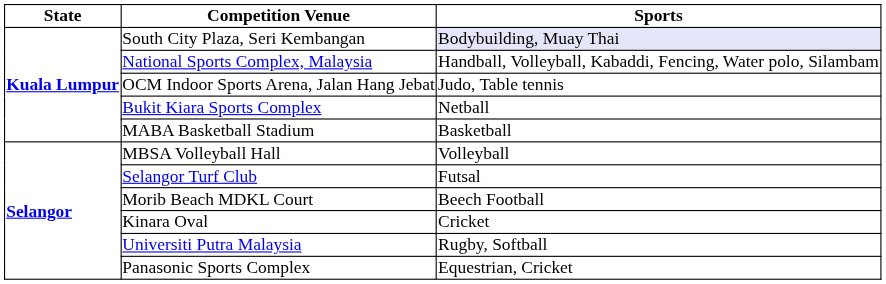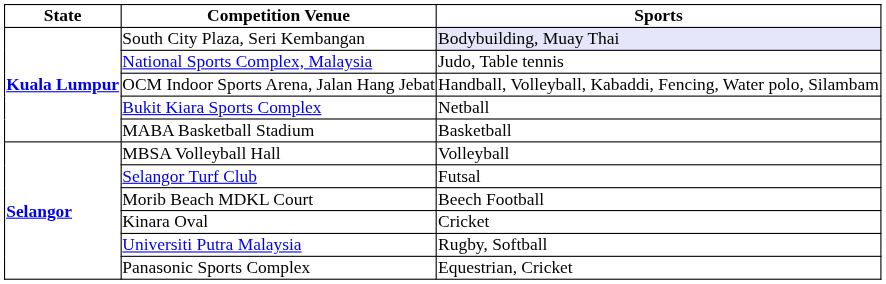 <table border=1 style="border-collapse:collapse; text-align:left; font-size:100%; border:2px black;">
 <tr style="text-align:center; color:black; font-weight:bold; background:white;">
 <td>State</td>
 <td>Competition Venue</td>
 <td>Sports</td>
 </tr>
 <tr>
 <td rowspan=5><strong><a href='#'>Kuala Lumpur</a></strong></td>
 <td>South City Plaza, Seri Kembangan</td>
 <td style="background: lavender;">Bodybuilding, Muay Thai</td>
 </tr>
 <tr>
 <td><a href='#'>National Sports Complex, Malaysia</a></td>
-<td>Handball, Volleyball, Kabaddi, Fencing, Water polo, Silambam</td>
+<td>Judo, Table tennis</td>
 </tr>
 <tr>
 <td>OCM Indoor Sports Arena, Jalan Hang Jebat</td>
-<td>Judo, Table tennis</td>
+<td>Handball, Volleyball, Kabaddi, Fencing, Water polo, Silambam</td>
 </tr>
 <tr>
 <td><a href='#'>Bukit Kiara Sports Complex</a></td>
 <td>Netball</td>
 </tr>
 <tr>
 <td>MABA Basketball Stadium</td>
 <td>Basketball</td>
 </tr>
 <tr>
 <td rowspan=6><strong><a href='#'>Selangor</a></strong></td>
 <td>MBSA Volleyball Hall</td>
 <td>Volleyball</td>
 </tr>
 <tr>
 <td><a href='#'>Selangor Turf Club</a></td>
 <td>Futsal</td>
 </tr>
 <tr>
 <td>Morib Beach MDKL Court</td>
 <td>Beech Football</td>
 </tr>
 <tr>
 <td>Kinara Oval</td>
 <td>Cricket</td>
 </tr>
 <tr>
 <td><a href='#'>Universiti Putra Malaysia</a></td>
 <td>Rugby, Softball</td>
 </tr>
 <tr>
 <td>Panasonic Sports Complex</td>
 <td>Equestrian, Cricket</td>
 </tr>
 </table>
